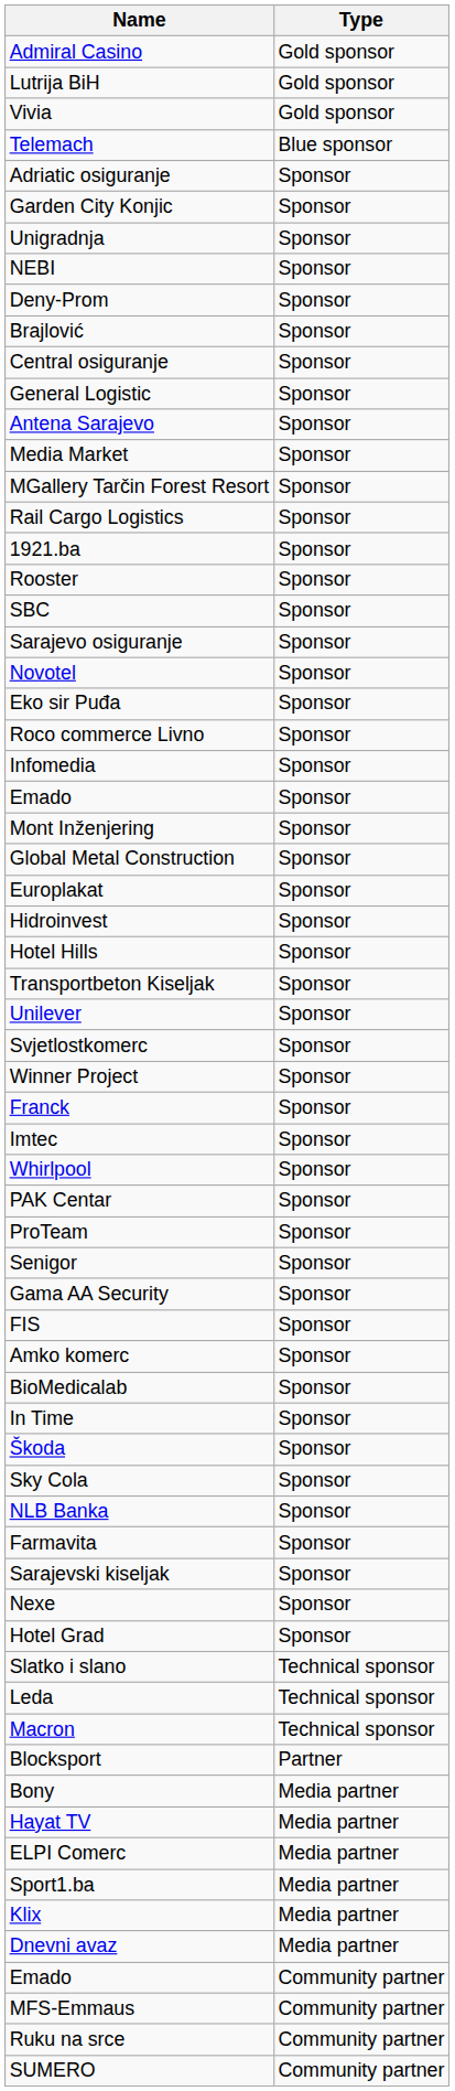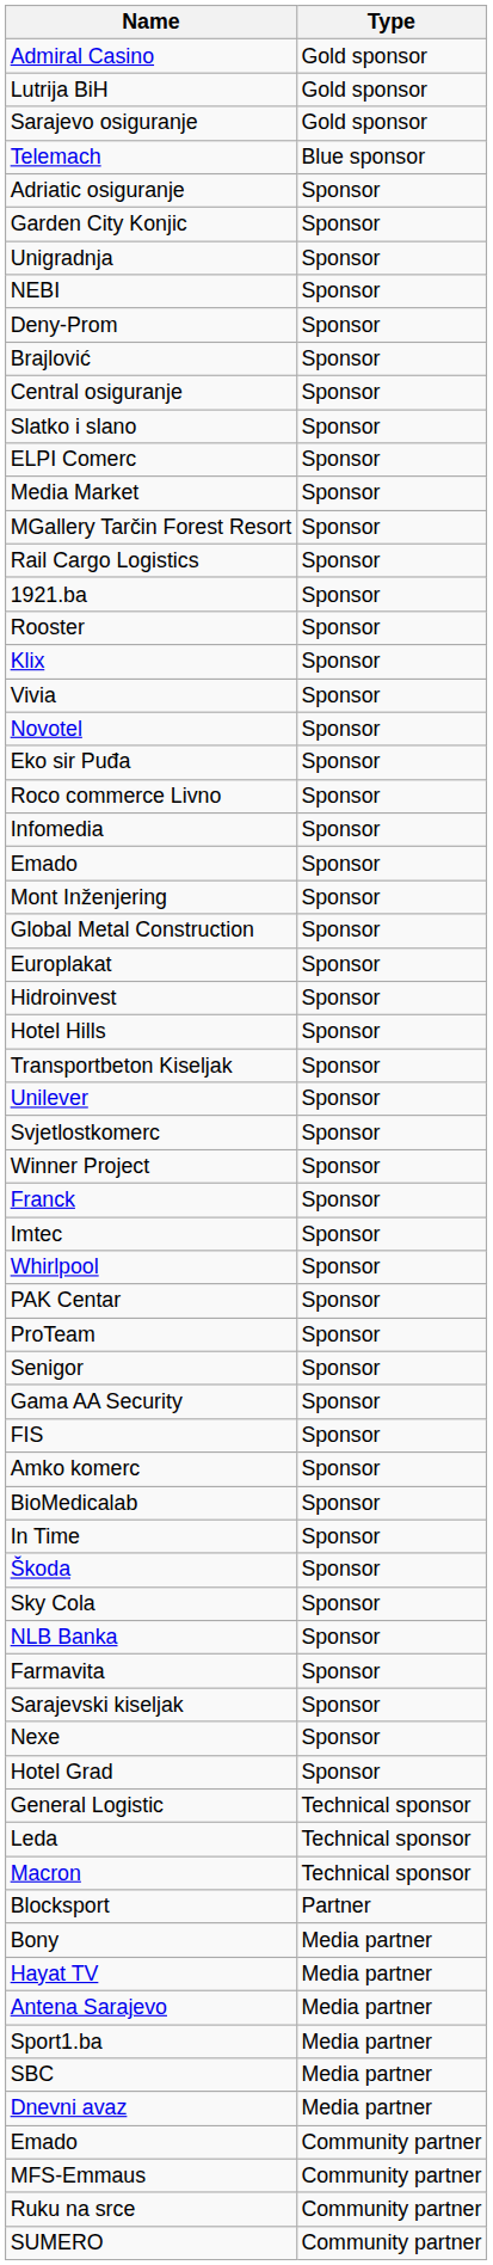 <table class="wikitable collapsible collapsed" style="text-align: left">
 <tr>
 <th>Name</th>
 <th>Type</th>
 </tr>
 <tr>
 <td> <a href='#'>Admiral Casino</a></td>
 <td>Gold sponsor</td>
 </tr>
 <tr>
 <td> Lutrija BiH</td>
 <td>Gold sponsor</td>
 </tr>
 <tr>
-<td> Vivia</td>
+<td> Sarajevo osiguranje</td>
 <td>Gold sponsor</td>
 </tr>
 <tr>
 <td> <a href='#'>Telemach</a></td>
 <td>Blue sponsor</td>
 </tr>
 <tr>
 <td> Adriatic osiguranje</td>
 <td>Sponsor</td>
 </tr>
 <tr>
 <td> Garden City Konjic</td>
 <td>Sponsor</td>
 </tr>
 <tr>
 <td> Unigradnja</td>
 <td>Sponsor</td>
 </tr>
 <tr>
 <td> NEBI</td>
 <td>Sponsor</td>
 </tr>
 <tr>
 <td> Deny-Prom</td>
 <td>Sponsor</td>
 </tr>
 <tr>
 <td> Brajlović</td>
 <td>Sponsor</td>
 </tr>
 <tr>
 <td> Central osiguranje</td>
 <td>Sponsor</td>
 </tr>
 <tr>
-<td> General Logistic</td>
+<td> Slatko i slano</td>
 <td>Sponsor</td>
 </tr>
 <tr>
-<td> <a href='#'>Antena Sarajevo</a></td>
+<td> ELPI Comerc</td>
 <td>Sponsor</td>
 </tr>
 <tr>
 <td> Media Market</td>
 <td>Sponsor</td>
 </tr>
 <tr>
 <td> MGallery Tarčin Forest Resort</td>
 <td>Sponsor</td>
 </tr>
 <tr>
 <td> Rail Cargo Logistics</td>
 <td>Sponsor</td>
 </tr>
 <tr>
 <td> 1921.ba</td>
 <td>Sponsor</td>
 </tr>
 <tr>
 <td> Rooster</td>
 <td>Sponsor</td>
 </tr>
 <tr>
-<td> SBC</td>
+<td> <a href='#'>Klix</a></td>
 <td>Sponsor</td>
 </tr>
 <tr>
-<td> Sarajevo osiguranje</td>
+<td> Vivia</td>
 <td>Sponsor</td>
 </tr>
 <tr>
 <td> <a href='#'>Novotel</a></td>
 <td>Sponsor</td>
 </tr>
 <tr>
 <td> Eko sir Puđa</td>
 <td>Sponsor</td>
 </tr>
 <tr>
 <td> Roco commerce Livno</td>
 <td>Sponsor</td>
 </tr>
 <tr>
 <td> Infomedia</td>
 <td>Sponsor</td>
 </tr>
 <tr>
 <td> Emado</td>
 <td>Sponsor</td>
 </tr>
 <tr>
 <td> Mont Inženjering</td>
 <td>Sponsor</td>
 </tr>
 <tr>
 <td> Global Metal Construction</td>
 <td>Sponsor</td>
 </tr>
 <tr>
 <td> Europlakat</td>
 <td>Sponsor</td>
 </tr>
 <tr>
 <td> Hidroinvest</td>
 <td>Sponsor</td>
 </tr>
 <tr>
 <td> Hotel Hills</td>
 <td>Sponsor</td>
 </tr>
 <tr>
 <td> Transportbeton Kiseljak</td>
 <td>Sponsor</td>
 </tr>
 <tr>
 <td> <a href='#'>Unilever</a></td>
 <td>Sponsor</td>
 </tr>
 <tr>
 <td> Svjetlostkomerc</td>
 <td>Sponsor</td>
 </tr>
 <tr>
 <td> Winner Project</td>
 <td>Sponsor</td>
 </tr>
 <tr>
 <td> <a href='#'>Franck</a></td>
 <td>Sponsor</td>
 </tr>
 <tr>
 <td> Imtec</td>
 <td>Sponsor</td>
 </tr>
 <tr>
 <td> <a href='#'>Whirlpool</a></td>
 <td>Sponsor</td>
 </tr>
 <tr>
 <td> PAK Centar</td>
 <td>Sponsor</td>
 </tr>
 <tr>
 <td> ProTeam</td>
 <td>Sponsor</td>
 </tr>
 <tr>
 <td> Senigor</td>
 <td>Sponsor</td>
 </tr>
 <tr>
 <td> Gama AA Security</td>
 <td>Sponsor</td>
 </tr>
 <tr>
 <td> FIS</td>
 <td>Sponsor</td>
 </tr>
 <tr>
 <td> Amko komerc</td>
 <td>Sponsor</td>
 </tr>
 <tr>
 <td> BioMedicalab</td>
 <td>Sponsor</td>
 </tr>
 <tr>
 <td> In Time</td>
 <td>Sponsor</td>
 </tr>
 <tr>
 <td> <a href='#'>Škoda</a></td>
 <td>Sponsor</td>
 </tr>
 <tr>
 <td> Sky Cola</td>
 <td>Sponsor</td>
 </tr>
 <tr>
 <td> <a href='#'>NLB Banka</a></td>
 <td>Sponsor</td>
 </tr>
 <tr>
 <td> Farmavita</td>
 <td>Sponsor</td>
 </tr>
 <tr>
 <td> Sarajevski kiseljak</td>
 <td>Sponsor</td>
 </tr>
 <tr>
 <td> Nexe</td>
 <td>Sponsor</td>
 </tr>
 <tr>
 <td> Hotel Grad</td>
 <td>Sponsor</td>
 </tr>
 <tr>
-<td> Slatko i slano</td>
+<td> General Logistic</td>
 <td>Technical sponsor</td>
 </tr>
 <tr>
 <td> Leda</td>
 <td>Technical sponsor</td>
 </tr>
 <tr>
 <td> <a href='#'>Macron</a></td>
 <td>Technical sponsor</td>
 </tr>
 <tr>
 <td> Blocksport</td>
 <td>Partner</td>
 </tr>
 <tr>
 <td> Bony</td>
 <td>Media partner</td>
 </tr>
 <tr>
 <td> <a href='#'>Hayat TV</a></td>
 <td>Media partner</td>
 </tr>
 <tr>
-<td> ELPI Comerc</td>
+<td> <a href='#'>Antena Sarajevo</a></td>
 <td>Media partner</td>
 </tr>
 <tr>
 <td> Sport1.ba</td>
 <td>Media partner</td>
 </tr>
 <tr>
-<td> <a href='#'>Klix</a></td>
+<td> SBC</td>
 <td>Media partner</td>
 </tr>
 <tr>
 <td> <a href='#'>Dnevni avaz</a></td>
 <td>Media partner</td>
 </tr>
 <tr>
 <td> Emado</td>
 <td>Community partner</td>
 </tr>
 <tr>
 <td> MFS-Emmaus</td>
 <td>Community partner</td>
 </tr>
 <tr>
 <td> Ruku na srce</td>
 <td>Community partner</td>
 </tr>
 <tr>
 <td> SUMERO</td>
 <td>Community partner</td>
 </tr>
 </table>
